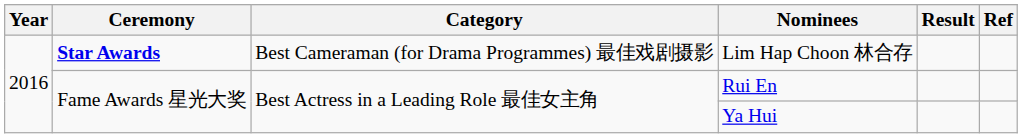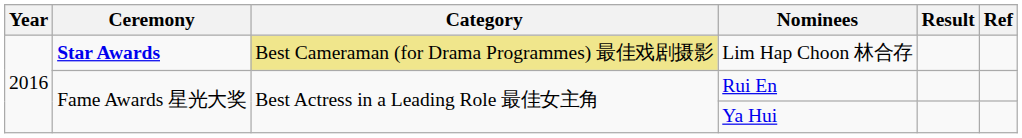 <table class="wikitable sortable">
 <tr style="background:#ccc; text-align:center;">
 <th>Year</th>
 <th>Ceremony</th>
 <th>Category</th>
 <th>Nominees</th>
 <th>Result</th>
 <th>Ref</th>
 </tr>
 <tr>
 <td rowspan="3">2016</td>
 <td><strong><a href='#'>Star Awards</a></strong></td>
-<td>Best Cameraman (for Drama Programmes) 最佳戏剧摄影</td>
+<td style="background: khaki;">Best Cameraman (for Drama Programmes) 最佳戏剧摄影</td>
 <td>Lim Hap Choon 林合存</td>
 <td></td>
 <td></td>
 </tr>
 <tr>
 <td rowspan="2">Fame Awards 星光大奖</td>
 <td rowspan="2">Best Actress in a Leading Role 最佳女主角</td>
 <td><a href='#'>Rui En</a></td>
 <td></td>
 <td></td>
 </tr>
 <tr>
 <td><a href='#'>Ya Hui</a></td>
 <td></td>
 <td></td>
 </tr>
 </table>
